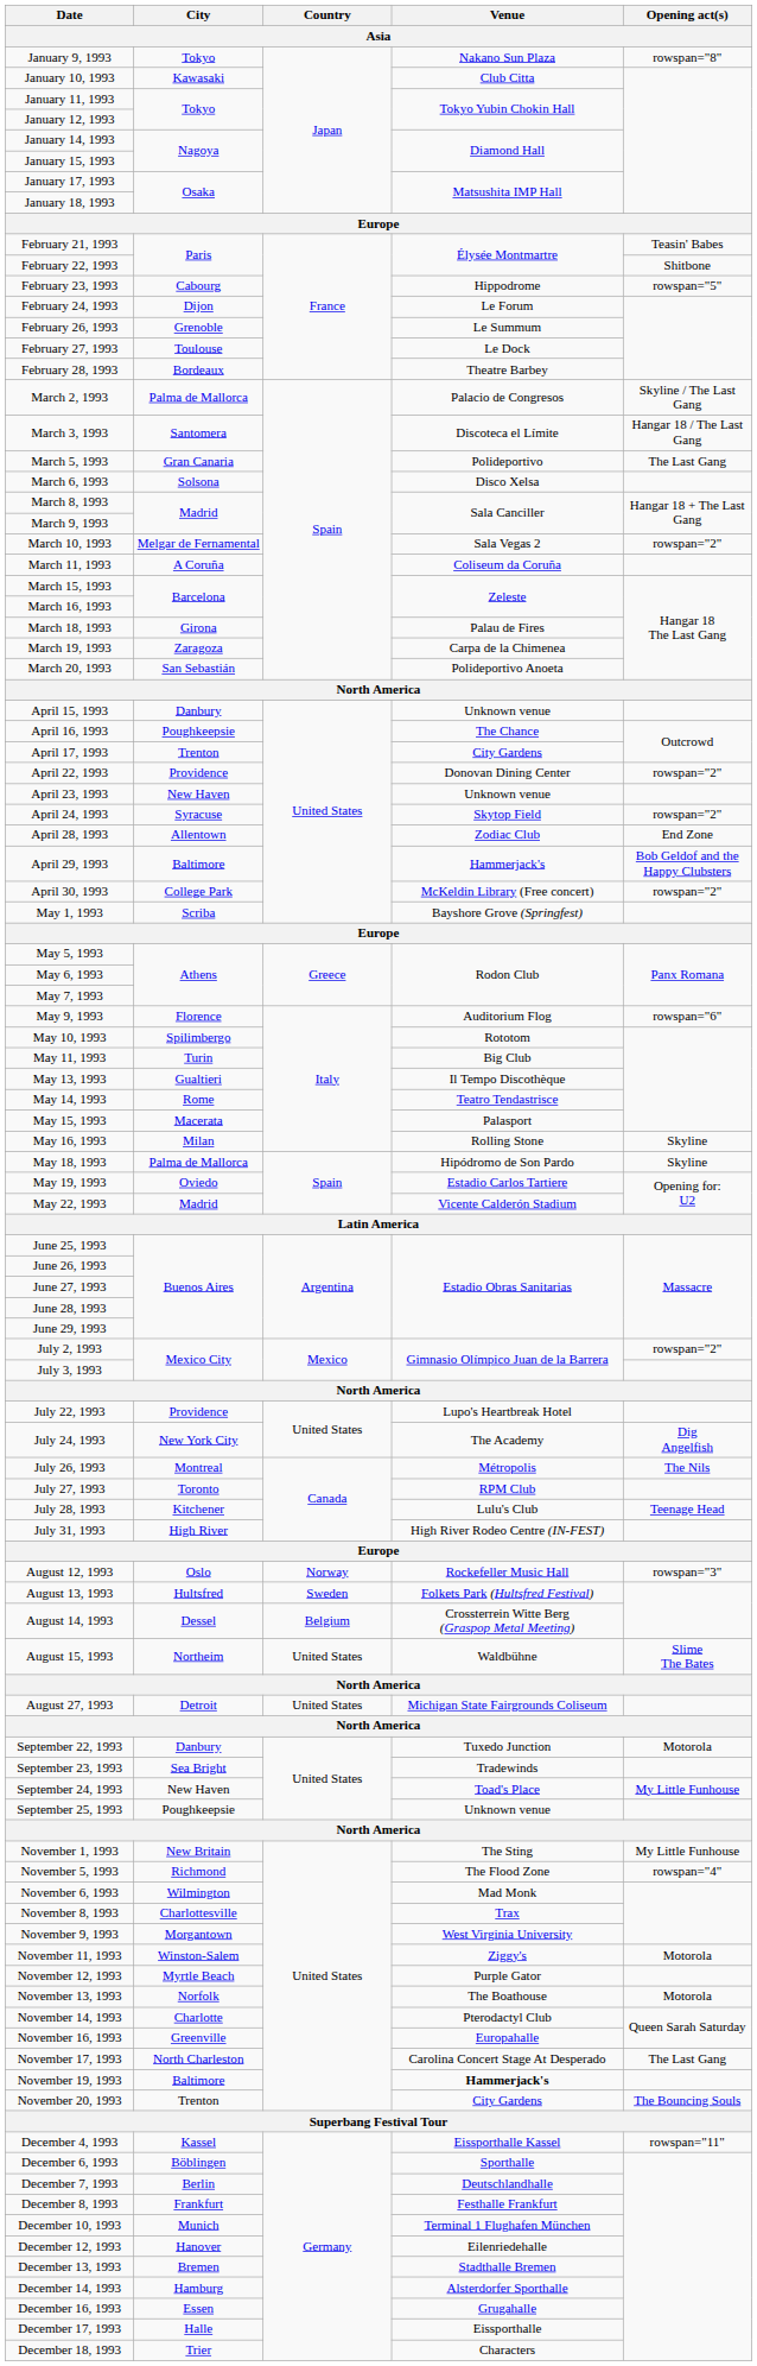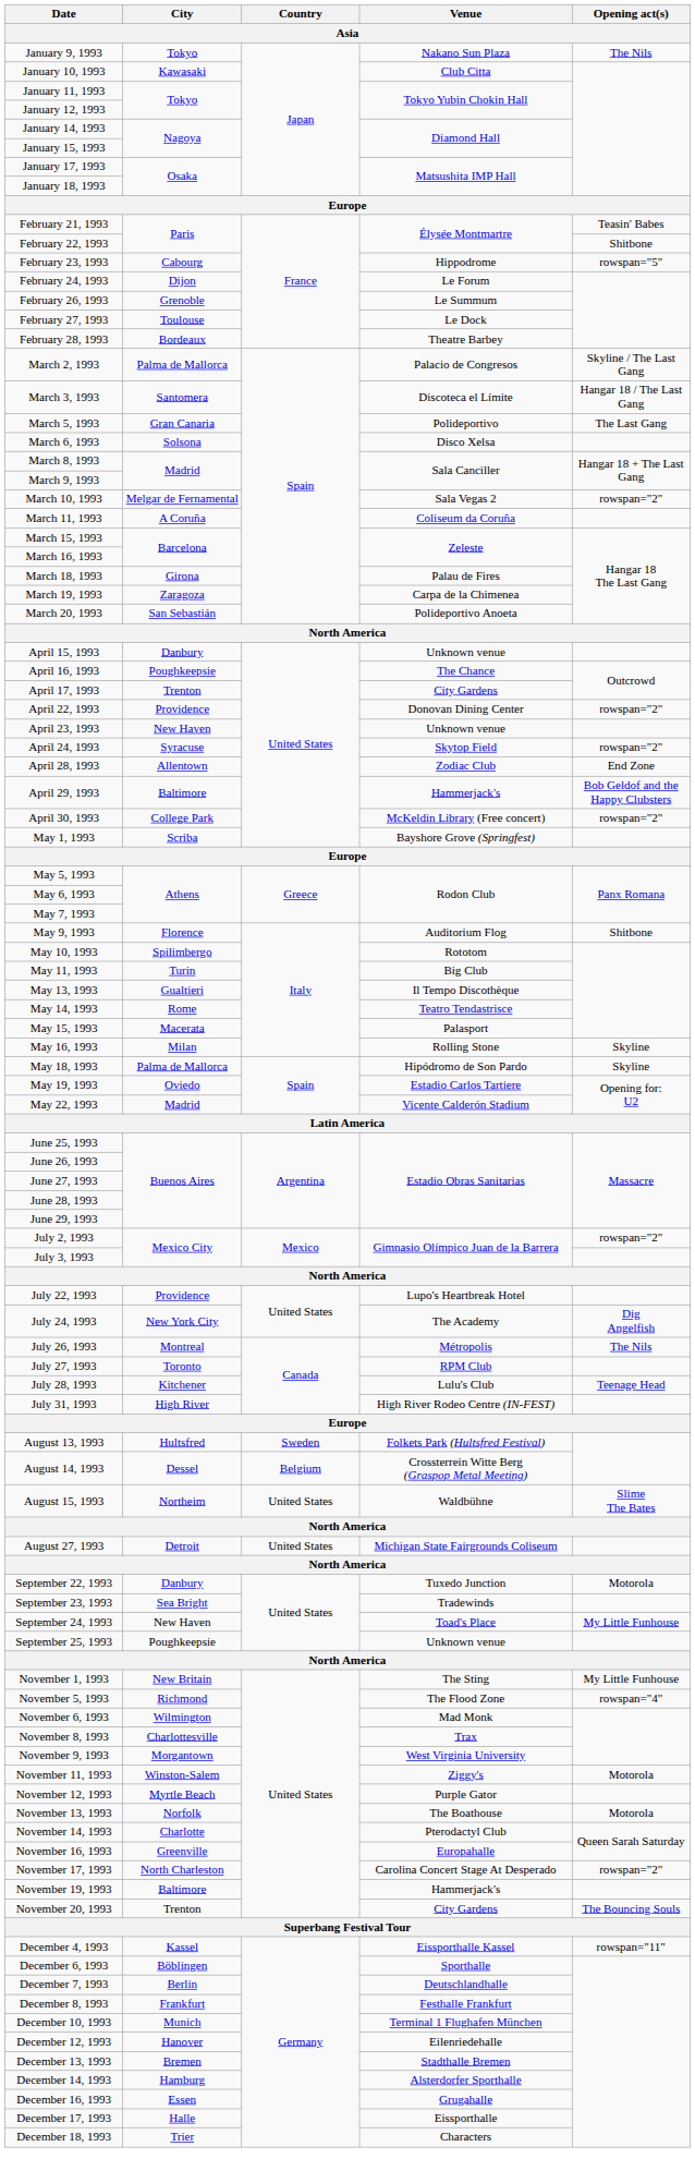 <table class="wikitable" style="text-align:center;">
 <tr>
 <th width="150">Date</th>
 <th width="150">City</th>
 <th width="150">Country</th>
 <th width="275">Venue</th>
 <th width="150">Opening act(s)</th>
 </tr>
 <tr>
 <th colspan="5">Asia</th>
 </tr>
 <tr>
 <td>January 9, 1993</td>
 <td><a href='#'>Tokyo</a></td>
 <td rowspan="8"><a href='#'>Japan</a></td>
 <td><a href='#'>Nakano Sun Plaza</a></td>
-<td>rowspan="8" </td>
+<td><a href='#'>The Nils</a></td>
 </tr>
 <tr>
 <td>January 10, 1993</td>
 <td><a href='#'>Kawasaki</a></td>
 <td><a href='#'>Club Citta</a></td>
 </tr>
 <tr>
 <td>January 11, 1993</td>
 <td rowspan="2"><a href='#'>Tokyo</a></td>
 <td rowspan="2"><a href='#'>Tokyo Yubin Chokin Hall</a></td>
 </tr>
 <tr>
 <td>January 12, 1993</td>
 </tr>
 <tr>
 <td>January 14, 1993</td>
 <td rowspan="2"><a href='#'>Nagoya</a></td>
 <td rowspan="2"><a href='#'>Diamond Hall</a></td>
 </tr>
 <tr>
 <td>January 15, 1993</td>
 </tr>
 <tr>
 <td>January 17, 1993</td>
 <td rowspan="2"><a href='#'>Osaka</a></td>
 <td rowspan="2"><a href='#'>Matsushita IMP Hall</a></td>
 </tr>
 <tr>
 <td>January 18, 1993</td>
 </tr>
 <tr>
 <th colspan="5">Europe</th>
 </tr>
 <tr>
 <td>February 21, 1993</td>
 <td rowspan="2"><a href='#'>Paris</a></td>
 <td rowspan="7"><a href='#'>France</a></td>
 <td rowspan="2"><a href='#'>Élysée Montmartre</a></td>
 <td>Teasin' Babes</td>
 </tr>
 <tr>
 <td>February 22, 1993</td>
 <td>Shitbone</td>
 </tr>
 <tr>
 <td>February 23, 1993</td>
 <td><a href='#'>Cabourg</a></td>
 <td>Hippodrome</td>
 <td>rowspan="5" </td>
 </tr>
 <tr>
 <td>February 24, 1993</td>
 <td><a href='#'>Dijon</a></td>
 <td>Le Forum</td>
 </tr>
 <tr>
 <td>February 26, 1993</td>
 <td><a href='#'>Grenoble</a></td>
 <td>Le Summum</td>
 </tr>
 <tr>
 <td>February 27, 1993</td>
 <td><a href='#'>Toulouse</a></td>
 <td>Le Dock</td>
 </tr>
 <tr>
 <td>February 28, 1993</td>
 <td><a href='#'>Bordeaux</a></td>
 <td>Theatre Barbey</td>
 </tr>
 <tr>
 <td>March 2, 1993</td>
 <td><a href='#'>Palma de Mallorca</a></td>
 <td rowspan="13"><a href='#'>Spain</a></td>
 <td>Palacio de Congresos</td>
 <td>Skyline / The Last Gang</td>
 </tr>
 <tr>
 <td>March 3, 1993</td>
 <td><a href='#'>Santomera</a></td>
 <td>Discoteca el Límite</td>
 <td>Hangar 18 / The Last Gang</td>
 </tr>
 <tr>
 <td>March 5, 1993</td>
 <td><a href='#'>Gran Canaria</a></td>
 <td>Polideportivo</td>
 <td>The Last Gang</td>
 </tr>
 <tr>
 <td>March 6, 1993</td>
 <td><a href='#'>Solsona</a></td>
 <td>Disco Xelsa</td>
 <td></td>
 </tr>
 <tr>
 <td>March 8, 1993</td>
 <td rowspan="2"><a href='#'>Madrid</a></td>
 <td rowspan="2">Sala Canciller</td>
 <td rowspan="2">Hangar 18 + The Last Gang</td>
 </tr>
 <tr>
 <td>March 9, 1993</td>
 </tr>
 <tr>
 <td>March 10, 1993</td>
 <td><a href='#'>Melgar de Fernamental</a></td>
 <td>Sala Vegas 2</td>
 <td>rowspan="2" </td>
 </tr>
 <tr>
 <td>March 11, 1993</td>
 <td><a href='#'>A Coruña</a></td>
 <td><a href='#'>Coliseum da Coruña</a></td>
 </tr>
 <tr>
 <td>March 15, 1993</td>
 <td rowspan="2"><a href='#'>Barcelona</a></td>
 <td rowspan="2"><a href='#'>Zeleste</a></td>
 <td rowspan="5">Hangar 18<br>The Last Gang</td>
 </tr>
 <tr>
 <td>March 16, 1993</td>
 </tr>
 <tr>
 <td>March 18, 1993</td>
 <td><a href='#'>Girona</a></td>
 <td>Palau de Fires</td>
 </tr>
 <tr>
 <td>March 19, 1993</td>
 <td><a href='#'>Zaragoza</a></td>
 <td>Carpa de la Chimenea</td>
 </tr>
 <tr>
 <td>March 20, 1993</td>
 <td><a href='#'>San Sebastián</a></td>
 <td>Polideportivo Anoeta</td>
 </tr>
 <tr>
 <th colspan="5">North America</th>
 </tr>
 <tr>
 <td>April 15, 1993</td>
 <td><a href='#'>Danbury</a></td>
 <td rowspan="10"><a href='#'>United States</a></td>
 <td>Unknown venue</td>
 <td></td>
 </tr>
 <tr>
 <td>April 16, 1993</td>
 <td><a href='#'>Poughkeepsie</a></td>
 <td><a href='#'>The Chance</a></td>
 <td rowspan="2">Outcrowd</td>
 </tr>
 <tr>
 <td>April 17, 1993</td>
 <td><a href='#'>Trenton</a></td>
 <td><a href='#'>City Gardens</a></td>
 </tr>
 <tr>
 <td>April 22, 1993</td>
 <td><a href='#'>Providence</a></td>
 <td>Donovan Dining Center</td>
 <td>rowspan="2" </td>
 </tr>
 <tr>
 <td>April 23, 1993</td>
 <td><a href='#'>New Haven</a></td>
 <td>Unknown venue</td>
 </tr>
 <tr>
 <td>April 24, 1993</td>
 <td><a href='#'>Syracuse</a></td>
 <td><a href='#'>Skytop Field</a></td>
 <td>rowspan="2" </td>
 </tr>
 <tr>
 <td>April 28, 1993</td>
 <td><a href='#'>Allentown</a></td>
 <td><a href='#'>Zodiac Club</a></td>
 <td>End Zone</td>
 </tr>
 <tr>
 <td>April 29, 1993</td>
 <td><a href='#'>Baltimore</a></td>
 <td><a href='#'>Hammerjack's</a></td>
 <td><a href='#'>Bob Geldof and the Happy Clubsters</a></td>
 </tr>
 <tr>
 <td>April 30, 1993</td>
 <td><a href='#'>College Park</a></td>
 <td><a href='#'>McKeldin Library</a> (Free concert)</td>
 <td>rowspan="2" </td>
 </tr>
 <tr>
 <td>May 1, 1993</td>
 <td><a href='#'>Scriba</a></td>
 <td>Bayshore Grove <em>(Springfest)</em></td>
 </tr>
 <tr>
 <th colspan="5">Europe</th>
 </tr>
 <tr>
 <td>May 5, 1993</td>
 <td rowspan="3"><a href='#'>Athens</a></td>
 <td rowspan="3"><a href='#'>Greece</a></td>
 <td rowspan="3">Rodon Club</td>
 <td rowspan="3"><a href='#'>Panx Romana</a></td>
 </tr>
 <tr>
 <td>May 6, 1993</td>
 </tr>
 <tr>
 <td>May 7, 1993</td>
 </tr>
 <tr>
 <td>May 9, 1993</td>
 <td><a href='#'>Florence</a></td>
 <td rowspan="7"><a href='#'>Italy</a></td>
 <td>Auditorium Flog</td>
-<td>rowspan="6" </td>
+<td>Shitbone</td>
 </tr>
 <tr>
 <td>May 10, 1993</td>
 <td><a href='#'>Spilimbergo</a></td>
 <td>Rototom</td>
 </tr>
 <tr>
 <td>May 11, 1993</td>
 <td><a href='#'>Turin</a></td>
 <td>Big Club</td>
 </tr>
 <tr>
 <td>May 13, 1993</td>
 <td><a href='#'>Gualtieri</a></td>
 <td>Il Tempo Discothèque</td>
 </tr>
 <tr>
 <td>May 14, 1993</td>
 <td><a href='#'>Rome</a></td>
 <td><a href='#'>Teatro Tendastrisce</a></td>
 </tr>
 <tr>
 <td>May 15, 1993</td>
 <td><a href='#'>Macerata</a></td>
 <td>Palasport</td>
 </tr>
 <tr>
 <td>May 16, 1993</td>
 <td><a href='#'>Milan</a></td>
 <td>Rolling Stone</td>
 <td>Skyline</td>
 </tr>
 <tr>
 <td>May 18, 1993</td>
 <td><a href='#'>Palma de Mallorca</a></td>
 <td rowspan="3"><a href='#'>Spain</a></td>
 <td>Hipódromo de Son Pardo</td>
 <td>Skyline</td>
 </tr>
 <tr>
 <td>May 19, 1993</td>
 <td><a href='#'>Oviedo</a></td>
 <td><a href='#'>Estadio Carlos Tartiere</a></td>
 <td rowspan="2">Opening for:<br><a href='#'>U2</a></td>
 </tr>
 <tr>
 <td>May 22, 1993</td>
 <td><a href='#'>Madrid</a></td>
 <td><a href='#'>Vicente Calderón Stadium</a></td>
 </tr>
 <tr>
 <th colspan="5">Latin America</th>
 </tr>
 <tr>
 <td>June 25, 1993</td>
 <td rowspan="5"><a href='#'>Buenos Aires</a></td>
 <td rowspan="5"><a href='#'>Argentina</a></td>
 <td rowspan="5"><a href='#'>Estadio Obras Sanitarias</a></td>
 <td rowspan="5"><a href='#'>Massacre</a></td>
 </tr>
 <tr>
 <td>June 26, 1993</td>
 </tr>
 <tr>
 <td>June 27, 1993</td>
 </tr>
 <tr>
 <td>June 28, 1993</td>
 </tr>
 <tr>
 <td>June 29, 1993</td>
 </tr>
 <tr>
 <td>July 2, 1993</td>
 <td rowspan="2"><a href='#'>Mexico City</a></td>
 <td rowspan="2"><a href='#'>Mexico</a></td>
 <td rowspan="2"><a href='#'>Gimnasio Olímpico Juan de la Barrera</a></td>
 <td>rowspan="2" </td>
 </tr>
 <tr>
 <td>July 3, 1993</td>
 </tr>
 <tr>
 <th colspan="5">North America</th>
 </tr>
 <tr>
 <td>July 22, 1993</td>
 <td><a href='#'>Providence</a></td>
 <td rowspan="2">United States</td>
 <td>Lupo's Heartbreak Hotel</td>
 <td></td>
 </tr>
 <tr>
 <td>July 24, 1993</td>
 <td><a href='#'>New York City</a></td>
 <td>The Academy</td>
 <td><a href='#'>Dig</a><br><a href='#'>Angelfish</a></td>
 </tr>
 <tr>
 <td>July 26, 1993</td>
 <td><a href='#'>Montreal</a></td>
 <td rowspan="4"><a href='#'>Canada</a></td>
 <td><a href='#'>Métropolis</a></td>
 <td><a href='#'>The Nils</a></td>
 </tr>
 <tr>
 <td>July 27, 1993</td>
 <td><a href='#'>Toronto</a></td>
 <td><a href='#'>RPM Club</a></td>
 <td></td>
 </tr>
 <tr>
 <td>July 28, 1993</td>
 <td><a href='#'>Kitchener</a></td>
 <td>Lulu's Club</td>
 <td><a href='#'>Teenage Head</a></td>
 </tr>
 <tr>
 <td>July 31, 1993</td>
 <td><a href='#'>High River</a></td>
 <td>High River Rodeo Centre <em>(IN-FEST)</em></td>
 <td></td>
 </tr>
 <tr>
 <th colspan="5">Europe</th>
 </tr>
 <tr>
-<td>August 12, 1993</td>
-<td><a href='#'>Oslo</a></td>
-<td><a href='#'>Norway</a></td>
-<td><a href='#'>Rockefeller Music Hall</a></td>
-<td>rowspan="3" </td>
-</tr>
-<tr>
 <td>August 13, 1993</td>
 <td><a href='#'>Hultsfred</a></td>
 <td><a href='#'>Sweden</a></td>
 <td><a href='#'>Folkets Park</a> <em>(<a href='#'>Hultsfred Festival</a>)</em></td>
 </tr>
 <tr>
 <td>August 14, 1993</td>
 <td><a href='#'>Dessel</a></td>
 <td><a href='#'>Belgium</a></td>
 <td>Crossterrein Witte Berg<br><em>(<a href='#'>Graspop Metal Meeting</a>)</em></td>
 </tr>
 <tr>
 <td>August 15, 1993</td>
 <td><a href='#'>Northeim</a></td>
 <td>United States</td>
 <td>Waldbühne</td>
 <td><a href='#'>Slime</a><br><a href='#'>The Bates</a></td>
 </tr>
 <tr>
 <th colspan="5">North America</th>
 </tr>
 <tr>
 <td>August 27, 1993</td>
 <td><a href='#'>Detroit</a></td>
 <td>United States</td>
 <td><a href='#'>Michigan State Fairgrounds Coliseum</a></td>
 <td></td>
 </tr>
 <tr>
 <th colspan="5">North America</th>
 </tr>
 <tr>
 <td>September 22, 1993</td>
 <td><a href='#'>Danbury</a></td>
 <td rowspan="4">United States</td>
 <td>Tuxedo Junction</td>
 <td>Motorola</td>
 </tr>
 <tr>
 <td>September 23, 1993</td>
 <td><a href='#'>Sea Bright</a></td>
 <td>Tradewinds</td>
 </tr>
 <tr>
 <td>September 24, 1993</td>
 <td>New Haven</td>
 <td><a href='#'>Toad's Place</a></td>
 <td><a href='#'>My Little Funhouse</a></td>
 </tr>
 <tr>
 <td>September 25, 1993</td>
 <td>Poughkeepsie</td>
 <td>Unknown venue</td>
 <td></td>
 </tr>
 <tr>
 <th colspan="5">North America</th>
 </tr>
 <tr>
 <td>November 1, 1993</td>
 <td><a href='#'>New Britain</a></td>
 <td rowspan="13">United States</td>
 <td>The Sting</td>
 <td>My Little Funhouse</td>
 </tr>
 <tr>
 <td>November 5, 1993</td>
 <td><a href='#'>Richmond</a></td>
 <td>The Flood Zone</td>
 <td>rowspan="4" </td>
 </tr>
 <tr>
 <td>November 6, 1993</td>
 <td><a href='#'>Wilmington</a></td>
 <td>Mad Monk</td>
 </tr>
 <tr>
 <td>November 8, 1993</td>
 <td><a href='#'>Charlottesville</a></td>
 <td><a href='#'>Trax</a></td>
 </tr>
 <tr>
 <td>November 9, 1993</td>
 <td><a href='#'>Morgantown</a></td>
 <td><a href='#'>West Virginia University</a></td>
 </tr>
 <tr>
 <td>November 11, 1993</td>
 <td><a href='#'>Winston-Salem</a></td>
 <td><a href='#'>Ziggy's</a></td>
 <td>Motorola</td>
 </tr>
 <tr>
 <td>November 12, 1993</td>
 <td><a href='#'>Myrtle Beach</a></td>
 <td>Purple Gator</td>
 <td></td>
 </tr>
 <tr>
 <td>November 13, 1993</td>
 <td><a href='#'>Norfolk</a></td>
 <td>The Boathouse</td>
 <td>Motorola</td>
 </tr>
 <tr>
 <td>November 14, 1993</td>
 <td><a href='#'>Charlotte</a></td>
 <td>Pterodactyl Club</td>
 <td rowspan="2">Queen Sarah Saturday</td>
 </tr>
 <tr>
 <td>November 16, 1993</td>
 <td><a href='#'>Greenville</a></td>
 <td><a href='#'>Europahalle</a></td>
 </tr>
 <tr>
 <td>November 17, 1993</td>
 <td><a href='#'> North Charleston</a></td>
 <td>Carolina Concert Stage At Desperado</td>
-<td>The Last Gang</td>
+<td>rowspan="2" </td>
 </tr>
 <tr>
 <td>November 19, 1993</td>
 <td><a href='#'>Baltimore</a></td>
-<td><strong>Hammerjack's</strong></td>
+<td>Hammerjack's</td>
 </tr>
 <tr>
 <td>November 20, 1993</td>
 <td>Trenton</td>
 <td><a href='#'>City Gardens</a></td>
 <td><a href='#'>The Bouncing Souls</a></td>
 </tr>
 <tr>
 <th colspan="5">Superbang Festival Tour</th>
 </tr>
 <tr>
 <td>December 4, 1993</td>
 <td><a href='#'>Kassel</a></td>
 <td rowspan="11"><a href='#'>Germany</a></td>
 <td><a href='#'>Eissporthalle Kassel</a></td>
 <td>rowspan="11" </td>
 </tr>
 <tr>
 <td>December 6, 1993</td>
 <td><a href='#'>Böblingen</a></td>
 <td><a href='#'>Sporthalle</a></td>
 </tr>
 <tr>
 <td>December 7, 1993</td>
 <td><a href='#'>Berlin</a></td>
 <td><a href='#'>Deutschlandhalle</a></td>
 </tr>
 <tr>
 <td>December 8, 1993</td>
 <td><a href='#'>Frankfurt</a></td>
 <td><a href='#'>Festhalle Frankfurt</a></td>
 </tr>
 <tr>
 <td>December 10, 1993</td>
 <td><a href='#'>Munich</a></td>
 <td><a href='#'>Terminal 1 Flughafen München</a></td>
 </tr>
 <tr>
 <td>December 12, 1993</td>
 <td><a href='#'>Hanover</a></td>
 <td>Eilenriedehalle</td>
 </tr>
 <tr>
 <td>December 13, 1993</td>
 <td><a href='#'>Bremen</a></td>
 <td><a href='#'>Stadthalle Bremen</a></td>
 </tr>
 <tr>
 <td>December 14, 1993</td>
 <td><a href='#'>Hamburg</a></td>
 <td><a href='#'>Alsterdorfer Sporthalle</a></td>
 </tr>
 <tr>
 <td>December 16, 1993</td>
 <td><a href='#'>Essen</a></td>
 <td><a href='#'>Grugahalle</a></td>
 </tr>
 <tr>
 <td>December 17, 1993</td>
 <td><a href='#'>Halle</a></td>
 <td>Eissporthalle</td>
 </tr>
 <tr>
 <td>December 18, 1993</td>
 <td><a href='#'>Trier</a></td>
 <td>Characters</td>
 </tr>
 </table>
